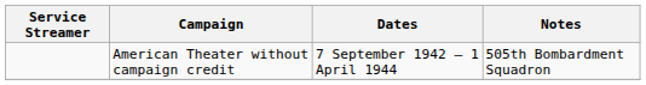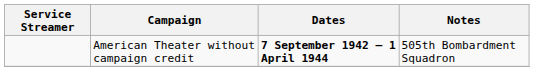 <table class="wikitable">
 <tr style="background:#efefef;">
 <th>Service Streamer</th>
 <th>Campaign</th>
 <th>Dates</th>
 <th>Notes</th>
 </tr>
 <tr>
 <td></td>
 <td>American Theater without campaign credit</td>
-<td>7 September 1942 – 1 April 1944</td>
+<td><strong>7 September 1942 – 1 April 1944</strong></td>
 <td>505th Bombardment Squadron</td>
 </tr>
 <tr>
 </tr>
 </table>
